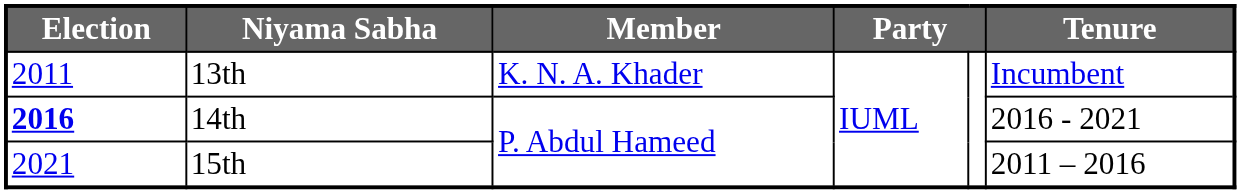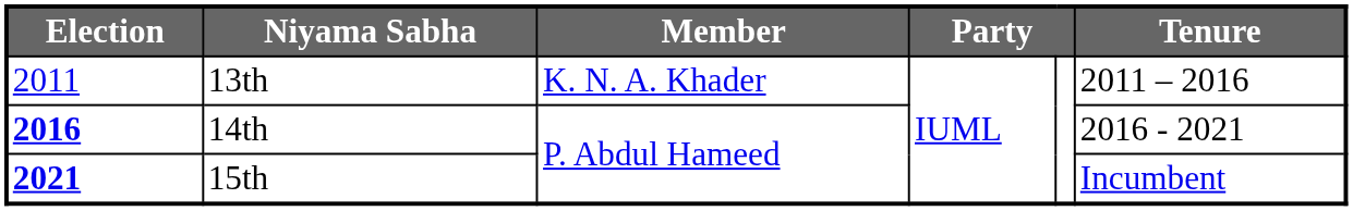 <table class="sortable" width="50%" cellpadding="2" cellspacing="0" border="1" style="border-collapse: collapse; border: 2px #000000 solid; font-size: x-big">
 <tr>
 <th style="background-color:#666666; color:white">Election</th>
 <th style="background-color:#666666; color:white">Niyama Sabha</th>
 <th style="background-color:#666666; color:white">Member</th>
 <th style="background-color:#666666; color:white" colspan="2">Party</th>
 <th style="background-color:#666666; color:white">Tenure</th>
 </tr>
 <tr>
 <td><a href='#'>2011</a></td>
 <td>13th</td>
 <td><a href='#'>K. N. A. Khader</a></td>
 <td rowspan="3"><a href='#'>IUML</a></td>
 <td rowspan="3" width="4px" style="background-color: "></td>
-<td><a href='#'>Incumbent</a></td>
+<td>2011 – 2016</td>
 </tr>
 <tr>
 <td><strong><a href='#'>2016</a></strong></td>
 <td>14th</td>
 <td rowspan="2"><a href='#'>P. Abdul Hameed</a></td>
 <td>2016 - 2021</td>
 </tr>
 <tr>
-<td><a href='#'>2021</a></td>
+<td><strong><a href='#'>2021</a></strong></td>
 <td>15th</td>
-<td>2011 – 2016</td>
+<td><a href='#'>Incumbent</a></td>
 </tr>
 </table>
